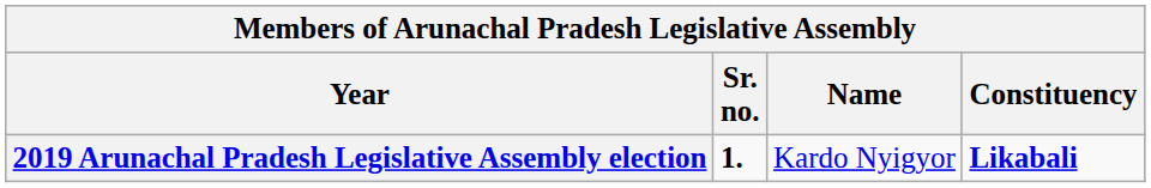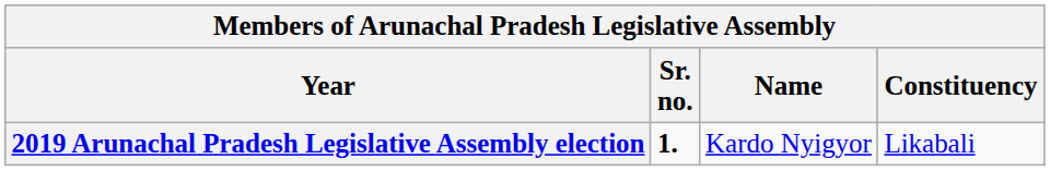 <table class="wikitable sortable">
 <tr>
 <th colspan="4">Members of Arunachal Pradesh Legislative Assembly</th>
 </tr>
 <tr>
 <th>Year</th>
 <th>Sr.<br>no.</th>
 <th>Name</th>
 <th>Constituency</th>
 </tr>
 <tr>
 <th><a href='#'>2019 Arunachal Pradesh Legislative Assembly election</a></th>
 <td><strong>1.</strong></td>
 <td><a href='#'>Kardo Nyigyor</a></td>
-<td><strong><a href='#'>Likabali</a></strong></td>
+<td><a href='#'>Likabali</a></td>
 </tr>
 </table>
